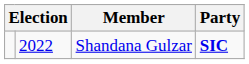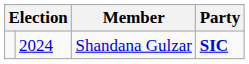 <table class="wikitable">
 <tr>
 <th colspan="2">Election</th>
 <th>Member</th>
 <th>Party</th>
 </tr>
 <tr>
 <td style="background-color: "></td>
-<td><a href='#'>2022</a></td>
+<td><a href='#'>2024</a></td>
 <td><a href='#'>Shandana Gulzar</a></td>
 <td><strong><a href='#'>SIC</a></strong></td>
 </tr>
 </table>
